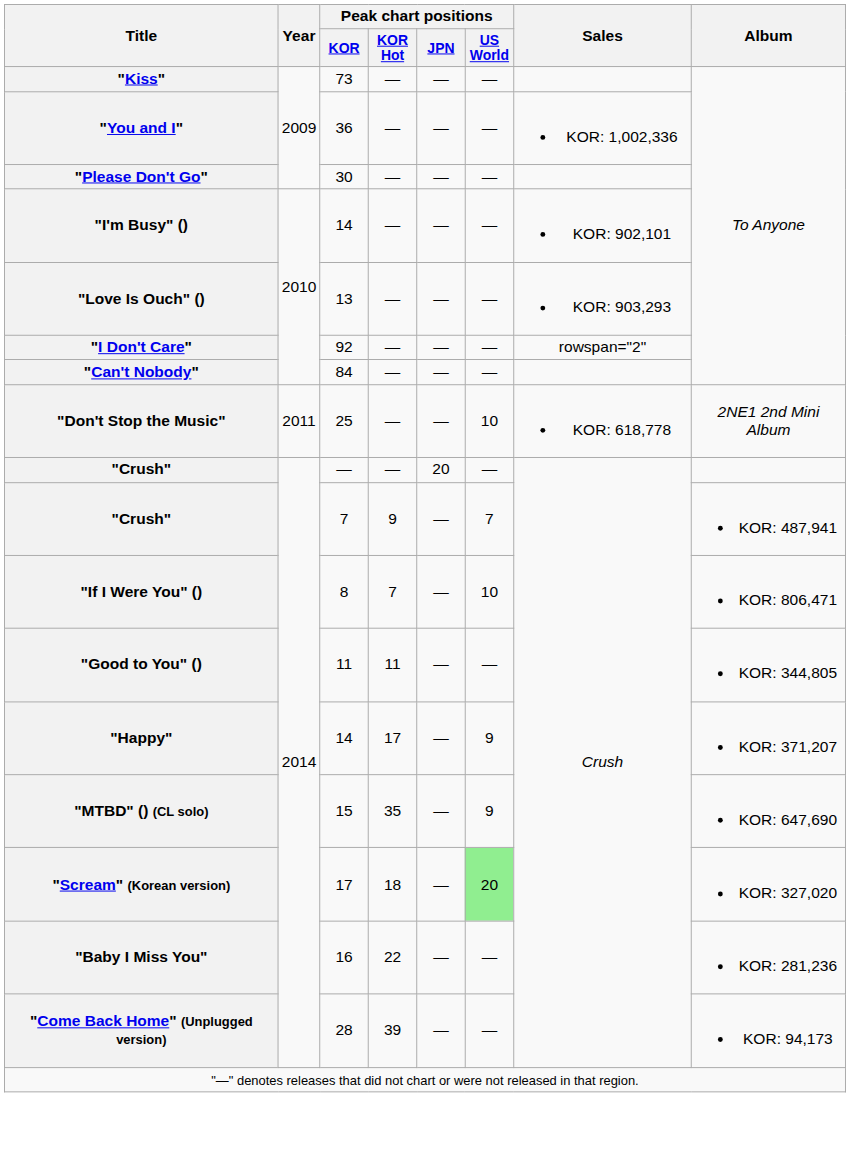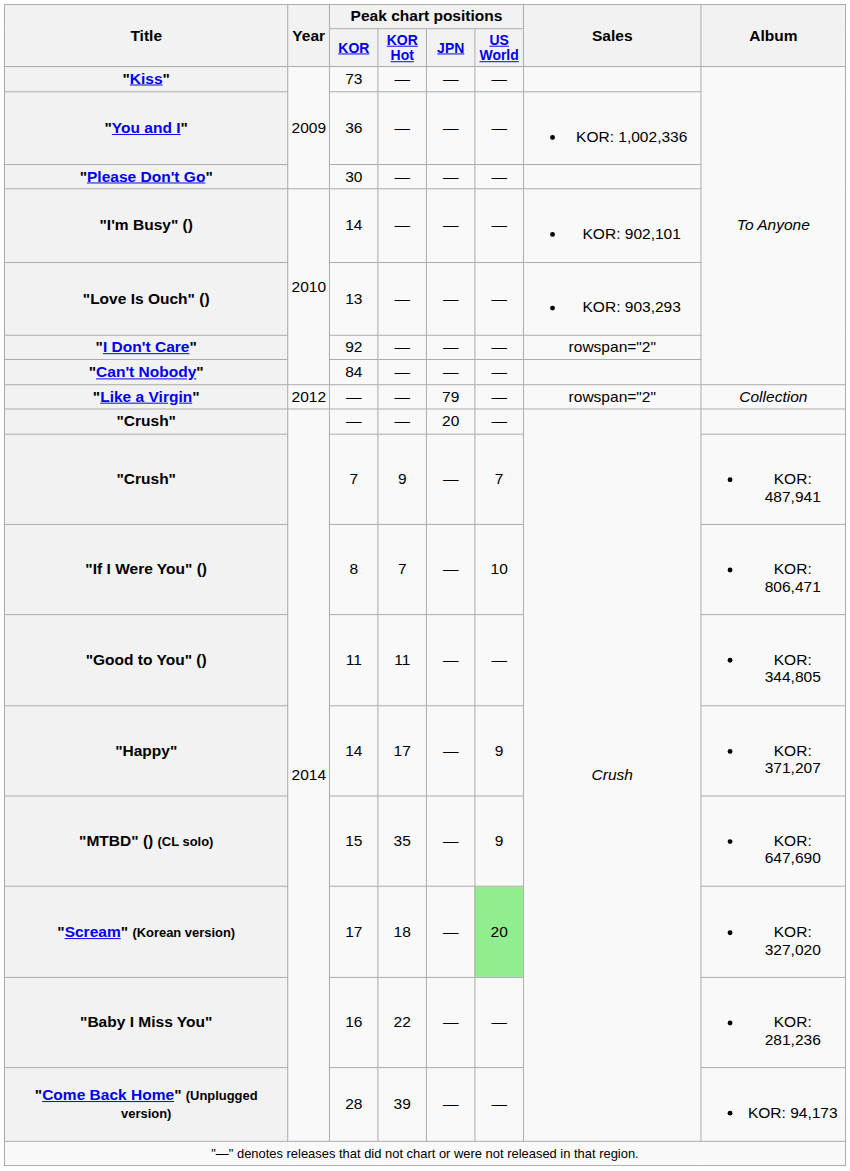 <table class="wikitable plainrowheaders" style="text-align:center">
 <tr>
 <th rowspan="2">Title</th>
 <th rowspan="2">Year</th>
 <th colspan="4">Peak chart positions</th>
 <th rowspan="2" style="width:11em;">Sales</th>
 <th rowspan="2">Album</th>
 </tr>
 <tr>
 <th scope="col" style="width:3em;font-size:90%;"><a href='#'>KOR</a><br></th>
 <th scope="col" style="width:3em;font-size:90%;"><a href='#'>KOR<br>Hot</a><br></th>
 <th scope="col" style="width:3em;font-size:90%;"><a href='#'>JPN</a><br></th>
 <th scope="col" style="width:3em;font-size:90%;"><a href='#'>US World</a><br></th>
 </tr>
 <tr>
 <th scope="row" align="left">"<a href='#'>Kiss</a>" </th>
 <td rowspan="3">2009</td>
 <td>73</td>
 <td>—</td>
 <td>—</td>
 <td>—</td>
 <td></td>
 <td rowspan="7"><em>To Anyone</em></td>
 </tr>
 <tr>
 <th scope="row" align="left">"<a href='#'>You and I</a>" </th>
 <td>36</td>
 <td>—</td>
 <td>—</td>
 <td>—</td>
 <td><br><ul><li>KOR: 1,002,336</li></ul></td>
 </tr>
 <tr>
 <th scope="row" align="left">"<a href='#'>Please Don't Go</a>" </th>
 <td>30</td>
 <td>—</td>
 <td>—</td>
 <td>—</td>
 <td></td>
 </tr>
 <tr>
 <th scope="row" align="left">"I'm Busy" ()</th>
 <td rowspan="4">2010</td>
 <td>14</td>
 <td>—</td>
 <td>—</td>
 <td>—</td>
 <td><br><ul><li>KOR: 902,101</li></ul></td>
 </tr>
 <tr>
 <th scope="row" align="left">"Love Is Ouch" ()</th>
 <td>13</td>
 <td>—</td>
 <td>—</td>
 <td>—</td>
 <td><br><ul><li>KOR: 903,293</li></ul></td>
 </tr>
 <tr>
 <th scope="row" align="left">"<a href='#'>I Don't Care</a>" </th>
 <td>92</td>
 <td>—</td>
 <td>—</td>
 <td>—</td>
 <td>rowspan="2" </td>
 </tr>
 <tr>
 <th scope="row" align="left">"<a href='#'>Can't Nobody</a>" </th>
 <td>84</td>
 <td>—</td>
 <td>—</td>
 <td>—</td>
 </tr>
 <tr>
-<th scope="row" align="left">"Don't Stop the Music" </th>
-<td>2011</td>
-<td>25</td>
+<th scope="row" align="left">"<a href='#'>Like a Virgin</a>"</th>
+<td>2012</td>
 <td>—</td>
 <td>—</td>
-<td>10</td>
-<td><br><ul><li>KOR: 618,778</li></ul></td>
-<td><em>2NE1 2nd Mini Album</em></td>
+<td>79</td>
+<td>—</td>
+<td>rowspan="2" </td>
+<td><em>Collection</em></td>
 </tr>
 <tr>
 <th scope="row" align="left">"Crush" </th>
 <td rowspan="9">2014</td>
 <td>—</td>
 <td>—</td>
 <td>20</td>
 <td>—</td>
 <td rowspan="9"><em>Crush</em></td>
 </tr>
 <tr>
 <th scope="row">"Crush" </th>
 <td>7</td>
 <td>9</td>
 <td>—</td>
 <td>7</td>
 <td><br><ul><li>KOR: 487,941</li></ul></td>
 </tr>
 <tr>
 <th scope="row" align="left">"If I Were You" ()</th>
 <td>8</td>
 <td>7</td>
 <td>—</td>
 <td>10</td>
 <td><br><ul><li>KOR: 806,471</li></ul></td>
 </tr>
 <tr>
 <th scope="row" align="left">"Good to You" ()</th>
 <td>11</td>
 <td>11</td>
 <td>—</td>
 <td>—</td>
 <td><br><ul><li>KOR: 344,805</li></ul></td>
 </tr>
 <tr>
 <th scope="row" align="left">"Happy"</th>
 <td>14</td>
 <td>17</td>
 <td>—</td>
 <td>9</td>
 <td><br><ul><li>KOR: 371,207</li></ul></td>
 </tr>
 <tr>
 <th scope="row" align="left">"MTBD" () <small>(CL solo)</small></th>
 <td>15</td>
 <td>35</td>
 <td>—</td>
 <td>9</td>
 <td><br><ul><li>KOR: 647,690</li></ul></td>
 </tr>
 <tr>
 <th scope="row" align="left">"<a href='#'>Scream</a>" <small>(Korean version)</small></th>
 <td>17</td>
 <td>18</td>
 <td>—</td>
 <td style="background: lightgreen;">20</td>
 <td><br><ul><li>KOR: 327,020</li></ul></td>
 </tr>
 <tr>
 <th scope="row" align="left">"Baby I Miss You"</th>
 <td>16</td>
 <td>22</td>
 <td>—</td>
 <td>—</td>
 <td><br><ul><li>KOR: 281,236</li></ul></td>
 </tr>
 <tr>
 <th scope="row" align="left">"<a href='#'>Come Back Home</a>" <small>(Unplugged version)</small></th>
 <td>28</td>
 <td>39</td>
 <td>—</td>
 <td>—</td>
 <td><br><ul><li>KOR: 94,173</li></ul></td>
 </tr>
 <tr>
 <td colspan="8"><small>"—" denotes releases that did not chart or were not released in that region.</small></td>
 </tr>
 </table>
